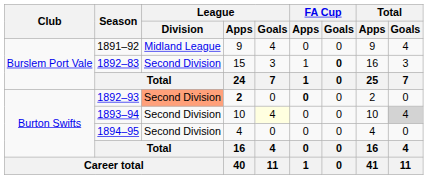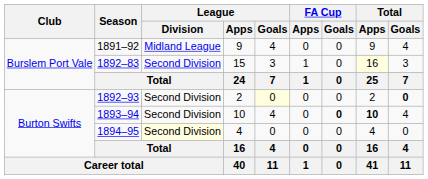 <table class="wikitable" style="text-align:center">
 <tr>
 <th rowspan="2">Club</th>
 <th rowspan="2">Season</th>
 <th colspan="3">League</th>
 <th colspan="2"><a href='#'>FA Cup</a></th>
 <th colspan="2">Total</th>
 </tr>
 <tr>
 <th>Division</th>
 <th>Apps</th>
 <th>Goals</th>
 <th>Apps</th>
 <th>Goals</th>
 <th>Apps</th>
 <th>Goals</th>
 </tr>
 <tr>
 <td rowspan="3"><a href='#'>Burslem Port Vale</a></td>
 <td>1891–92</td>
 <td><a href='#'>Midland League</a></td>
 <td>9</td>
 <td>4</td>
 <td>0</td>
 <td>0</td>
 <td>9</td>
 <td>4</td>
 </tr>
 <tr>
 <td><a href='#'>1892–83</a></td>
 <td><a href='#'>Second Division</a></td>
 <td>15</td>
 <td>3</td>
 <td>1</td>
-<td><strong>0</strong></td>
-<td>16</td>
+<td>0</td>
+<td style="background: lightyellow;">16</td>
 <td>3</td>
 </tr>
 <tr>
 <th colspan="2">Total</th>
 <th>24</th>
 <th>7</th>
 <th>1</th>
 <th>0</th>
 <th>25</th>
 <th>7</th>
 </tr>
 <tr>
 <td rowspan="4"><a href='#'>Burton Swifts</a></td>
 <td><a href='#'>1892–93</a></td>
-<td style="background: lightsalmon;">Second Division</td>
-<td><strong>2</strong></td>
+<td>Second Division</td>
+<td>2</td>
+<td style="background: lightyellow;">0</td>
 <td>0</td>
-<td><strong>0</strong></td>
 <td>0</td>
 <td>2</td>
-<td>0</td>
+<td><strong>0</strong></td>
 </tr>
 <tr>
 <td><a href='#'>1893–94</a></td>
 <td>Second Division</td>
 <td>10</td>
-<td style="background: lightyellow;">4</td>
+<td>4</td>
 <td>0</td>
-<td>0</td>
-<td>10</td>
-<td style="background: lightgrey;">4</td>
+<td><strong>0</strong></td>
+<td><strong>10</strong></td>
+<td>4</td>
 </tr>
 <tr>
 <td><a href='#'>1894–95</a></td>
-<td>Second Division</td>
+<td style="background: lightyellow;">Second Division</td>
 <td>4</td>
 <td>0</td>
 <td>0</td>
 <td>0</td>
 <td>4</td>
 <td>0</td>
 </tr>
 <tr>
 <th colspan="2">Total</th>
 <th>16</th>
 <th>4</th>
 <th>0</th>
 <th>0</th>
 <th>16</th>
 <th>4</th>
 </tr>
 <tr>
 <th colspan="3">Career total</th>
 <th>40</th>
 <th>11</th>
 <th>1</th>
 <th>0</th>
 <th>41</th>
 <th>11</th>
 </tr>
 </table>
